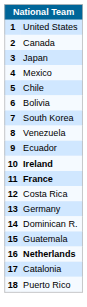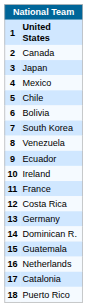 <table align=center cellpadding="4" cellspacing="0" style="background: #f9f9f9; border: 1px #aaa solid; border-collapse: collapse; font-size: 90%;" width=20%>
 <tr align=center bgcolor=#006699 style="color:white;">
 <th width=100% colspan=2>National Team</th>
 </tr>
 <tr align=center bgcolor=#D0E7FF>
 <td><strong>1</strong></td>
-<td align=left> United States</td>
+<td align=left><strong> United States</strong></td>
 </tr>
 <tr align=center bgcolor=#F5FAFF>
 <td><strong>2</strong></td>
 <td align=left> Canada</td>
 </tr>
 <tr align=center bgcolor=#D0E7FF>
 <td><strong>3</strong></td>
 <td align=left> Japan</td>
 </tr>
 <tr align=center bgcolor=#F5FAFF>
 <td><strong>4</strong></td>
 <td align=left> Mexico</td>
 </tr>
 <tr align=center bgcolor=#D0E7FF>
 <td><strong>5</strong></td>
 <td align=left> Chile</td>
 </tr>
 <tr align=center bgcolor=#F5FAFF>
 <td><strong>6</strong></td>
 <td align=left> Bolivia</td>
 </tr>
 <tr align=center bgcolor=#D0E7FF>
 <td><strong>7</strong></td>
 <td align=left> South Korea</td>
 </tr>
 <tr align=center bgcolor=#F5FAFF>
 <td><strong>8</strong></td>
 <td align=left> Venezuela</td>
 </tr>
 <tr align=center bgcolor=#D0E7FF>
 <td><strong>9</strong></td>
 <td align=left> Ecuador</td>
 </tr>
 <tr align=center bgcolor=#F5FAFF>
 <td><strong>10</strong></td>
-<td align=left><strong> Ireland</strong></td>
+<td align=left> Ireland</td>
 </tr>
 <tr align=center bgcolor=#D0E7FF>
 <td><strong>11</strong></td>
-<td align=left><strong> France</strong></td>
+<td align=left> France</td>
 </tr>
 <tr align=center bgcolor=#F5FAFF>
 <td><strong>12</strong></td>
 <td align=left> Costa Rica</td>
 </tr>
 <tr align=center bgcolor=#D0E7FF>
 <td><strong>13</strong></td>
 <td align=left> Germany</td>
 </tr>
 <tr align=center bgcolor=#F5FAFF>
 <td><strong>14</strong></td>
 <td align=left> Dominican R.</td>
 </tr>
 <tr align=center bgcolor=#D0E7FF>
 <td><strong>15</strong></td>
 <td align=left> Guatemala</td>
 </tr>
 <tr align=center bgcolor=#F5FAFF>
 <td><strong>16</strong></td>
-<td align=left><strong> Netherlands</strong></td>
+<td align=left> Netherlands</td>
 </tr>
 <tr align=center bgcolor=#D0E7FF>
 <td><strong>17</strong></td>
 <td align=left> Catalonia</td>
 </tr>
 <tr align=center bgcolor=#F5FAFF>
 <td><strong>18</strong></td>
 <td align=left> Puerto Rico</td>
 </tr>
 </table>
